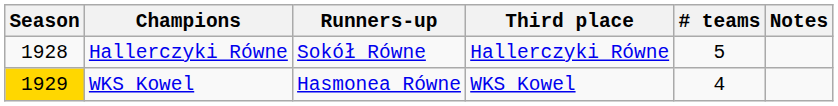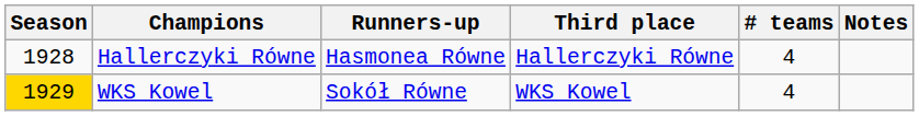 <table class="wikitable">
 <tr>
 <th>Season</th>
 <th>Champions</th>
 <th>Runners-up</th>
 <th>Third place</th>
 <th># teams</th>
 <th>Notes</th>
 </tr>
 <tr>
 <td align=center>1928</td>
 <td><a href='#'>Hallerczyki Równe</a></td>
-<td><a href='#'>Sokół Równe</a></td>
+<td><a href='#'>Hasmonea Równe</a></td>
 <td><a href='#'>Hallerczyki Równe</a></td>
-<td align=center>5</td>
+<td align=center>4</td>
 <td></td>
 </tr>
 <tr>
 <td align=center style="background: gold;">1929</td>
 <td><a href='#'>WKS Kowel</a></td>
-<td><a href='#'>Hasmonea Równe</a></td>
+<td><a href='#'>Sokół Równe</a></td>
 <td><a href='#'>WKS Kowel</a></td>
 <td align=center>4</td>
 <td></td>
 </tr>
 </table>
